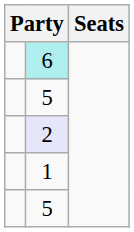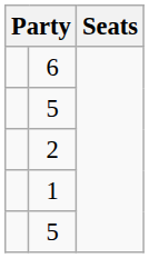 <table class="wikitable" style="font-size: 95%;">
 <tr>
 <th colspan=2>Party</th>
 <th>Seats</th>
 </tr>
 <tr>
 <td></td>
-<td align="center" style="background: paleturquoise;">6</td>
+<td align="center">6</td>
 </tr>
 <tr>
 <td></td>
 <td align="center">5</td>
 </tr>
 <tr>
 <td></td>
-<td align="center" style="background: lavender;">2</td>
+<td align="center">2</td>
 </tr>
 <tr>
 <td></td>
 <td align="center">1</td>
 </tr>
 <tr>
 <td></td>
 <td align="center">5</td>
 </tr>
 </table>
